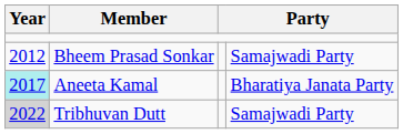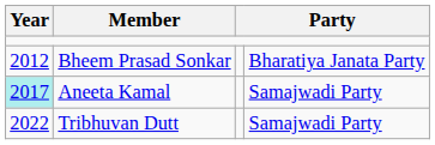 <table class="wikitable">
 <tr>
 <th>Year</th>
 <th>Member</th>
 <th colspan="2">Party</th>
 </tr>
 <tr>
 <td colspan="4"></td>
 </tr>
 <tr>
 <td><a href='#'>2012</a></td>
 <td><a href='#'>Bheem Prasad Sonkar</a></td>
 <td style="background-color: "></td>
-<td><a href='#'>Samajwadi Party</a></td>
+<td><a href='#'>Bharatiya Janata Party</a></td>
 </tr>
 <tr>
 <td style="background: paleturquoise;"><a href='#'>2017</a></td>
 <td><a href='#'>Aneeta Kamal</a></td>
 <td style="background-color: "></td>
-<td><a href='#'>Bharatiya Janata Party</a></td>
+<td><a href='#'>Samajwadi Party</a></td>
 </tr>
 <tr>
-<td style="background: lightgrey;"><a href='#'>2022</a></td>
+<td><a href='#'>2022</a></td>
 <td><a href='#'>Tribhuvan Dutt</a></td>
 <td style="background-color: "></td>
 <td><a href='#'>Samajwadi Party</a></td>
 </tr>
 </table>
